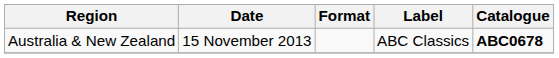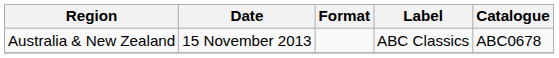 <table class="wikitable plainrowheaders">
 <tr>
 <th scope="col">Region</th>
 <th scope="col">Date</th>
 <th scope="col">Format</th>
 <th scope="col">Label</th>
 <th scope="col">Catalogue</th>
 </tr>
 <tr>
 <td>Australia & New Zealand</td>
 <td>15 November 2013</td>
 <td></td>
 <td>ABC Classics</td>
-<td><strong>ABC0678</strong></td>
+<td>ABC0678</td>
 </tr>
 <tr>
 </tr>
 </table>
